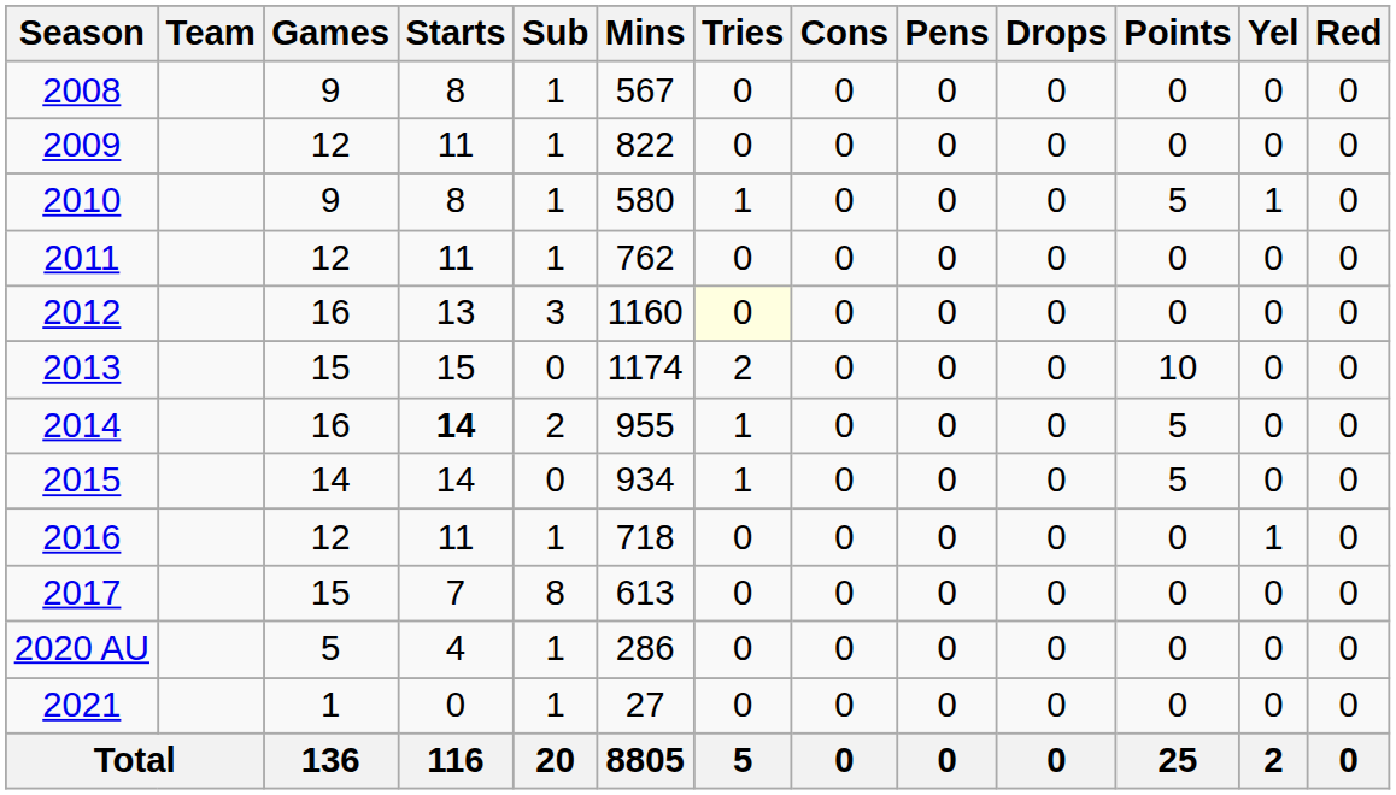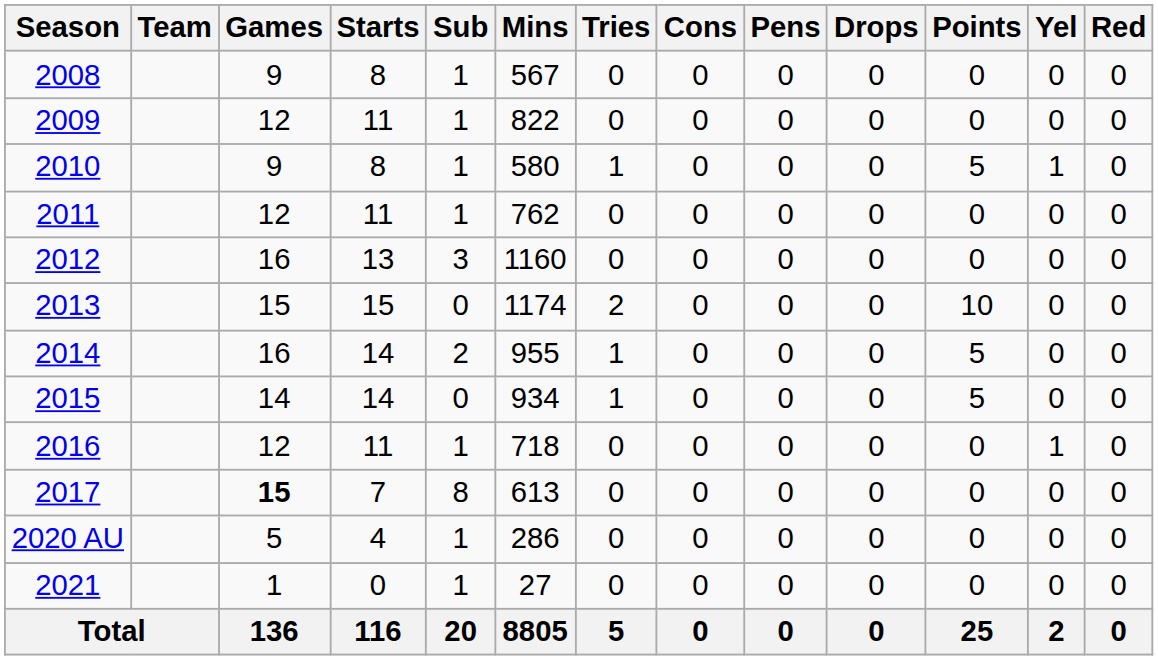 <table class="wikitable" style="text-align:center">
 <tr>
 <th>Season</th>
 <th>Team</th>
 <th>Games</th>
 <th>Starts</th>
 <th>Sub</th>
 <th>Mins</th>
 <th>Tries</th>
 <th>Cons</th>
 <th>Pens</th>
 <th>Drops</th>
 <th>Points</th>
 <th>Yel</th>
 <th>Red</th>
 </tr>
 <tr>
 <td><a href='#'>2008</a></td>
 <td></td>
 <td>9</td>
 <td>8</td>
 <td>1</td>
 <td>567</td>
 <td>0</td>
 <td>0</td>
 <td>0</td>
 <td>0</td>
 <td>0</td>
 <td>0</td>
 <td>0</td>
 </tr>
 <tr>
 <td><a href='#'>2009</a></td>
 <td></td>
 <td>12</td>
 <td>11</td>
 <td>1</td>
 <td>822</td>
 <td>0</td>
 <td>0</td>
 <td>0</td>
 <td>0</td>
 <td>0</td>
 <td>0</td>
 <td>0</td>
 </tr>
 <tr>
 <td><a href='#'>2010</a></td>
 <td></td>
 <td>9</td>
 <td>8</td>
 <td>1</td>
 <td>580</td>
 <td>1</td>
 <td>0</td>
 <td>0</td>
 <td>0</td>
 <td>5</td>
 <td>1</td>
 <td>0</td>
 </tr>
 <tr>
 <td><a href='#'>2011</a></td>
 <td></td>
 <td>12</td>
 <td>11</td>
 <td>1</td>
 <td>762</td>
 <td>0</td>
 <td>0</td>
 <td>0</td>
 <td>0</td>
 <td>0</td>
 <td>0</td>
 <td>0</td>
 </tr>
 <tr>
 <td><a href='#'>2012</a></td>
 <td></td>
 <td>16</td>
 <td>13</td>
 <td>3</td>
 <td>1160</td>
-<td style="background: lightyellow;">0</td>
+<td>0</td>
 <td>0</td>
 <td>0</td>
 <td>0</td>
 <td>0</td>
 <td>0</td>
 <td>0</td>
 </tr>
 <tr>
 <td><a href='#'>2013</a></td>
 <td></td>
 <td>15</td>
 <td>15</td>
 <td>0</td>
 <td>1174</td>
 <td>2</td>
 <td>0</td>
 <td>0</td>
 <td>0</td>
 <td>10</td>
 <td>0</td>
 <td>0</td>
 </tr>
 <tr>
 <td><a href='#'>2014</a></td>
 <td></td>
 <td>16</td>
-<td><strong>14</strong></td>
+<td>14</td>
 <td>2</td>
 <td>955</td>
 <td>1</td>
 <td>0</td>
 <td>0</td>
 <td>0</td>
 <td>5</td>
 <td>0</td>
 <td>0</td>
 </tr>
 <tr>
 <td><a href='#'>2015</a></td>
 <td></td>
 <td>14</td>
 <td>14</td>
 <td>0</td>
 <td>934</td>
 <td>1</td>
 <td>0</td>
 <td>0</td>
 <td>0</td>
 <td>5</td>
 <td>0</td>
 <td>0</td>
 </tr>
 <tr>
 <td><a href='#'>2016</a></td>
 <td></td>
 <td>12</td>
 <td>11</td>
 <td>1</td>
 <td>718</td>
 <td>0</td>
 <td>0</td>
 <td>0</td>
 <td>0</td>
 <td>0</td>
 <td>1</td>
 <td>0</td>
 </tr>
 <tr>
 <td><a href='#'>2017</a></td>
 <td></td>
-<td>15</td>
+<td><strong>15</strong></td>
 <td>7</td>
 <td>8</td>
 <td>613</td>
 <td>0</td>
 <td>0</td>
 <td>0</td>
 <td>0</td>
 <td>0</td>
 <td>0</td>
 <td>0</td>
 </tr>
 <tr>
 <td><a href='#'>2020 AU</a></td>
 <td></td>
 <td>5</td>
 <td>4</td>
 <td>1</td>
 <td>286</td>
 <td>0</td>
 <td>0</td>
 <td>0</td>
 <td>0</td>
 <td>0</td>
 <td>0</td>
 <td>0</td>
 </tr>
 <tr>
 <td><a href='#'>2021</a></td>
 <td></td>
 <td>1</td>
 <td>0</td>
 <td>1</td>
 <td>27</td>
 <td>0</td>
 <td>0</td>
 <td>0</td>
 <td>0</td>
 <td>0</td>
 <td>0</td>
 <td>0</td>
 </tr>
 <tr>
 <th colspan="2">Total</th>
 <th>136</th>
 <th>116</th>
 <th>20</th>
 <th>8805</th>
 <th>5</th>
 <th>0</th>
 <th>0</th>
 <th>0</th>
 <th>25</th>
 <th>2</th>
 <th>0</th>
 </tr>
 </table>
